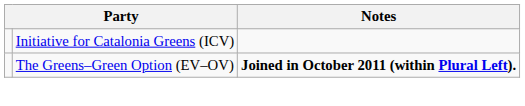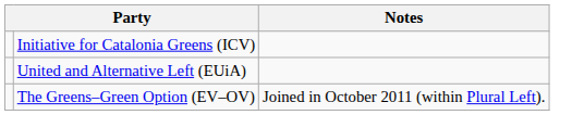 <table class="wikitable" style="text-align:left; font-size:95%;">
 <tr>
 <th colspan="2">Party</th>
 <th>Notes</th>
 </tr>
 <tr>
 <td width="1"></td>
 <td><a href='#'>Initiative for Catalonia Greens</a> (ICV)</td>
 <td></td>
 </tr>
 <tr>
 <td></td>
+<td><a href='#'>United and Alternative Left</a> (EUiA)</td>
+<td></td>
+</tr>
+<tr>
+<td></td>
 <td><a href='#'>The Greens–Green Option</a> (EV–OV)</td>
-<td><strong>Joined in October 2011 (within <a href='#'>Plural Left</a>).</strong></td>
+<td>Joined in October 2011 (within <a href='#'>Plural Left</a>).</td>
 </tr>
 </table>
